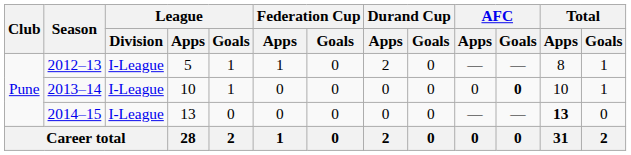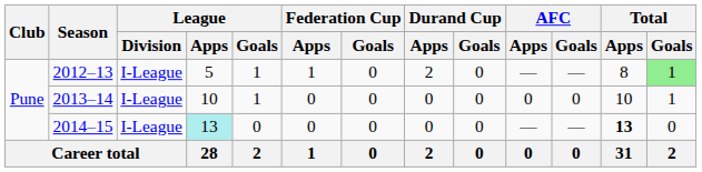 <table class="wikitable" style="text-align: center;">
 <tr>
 <th rowspan="2">Club</th>
 <th rowspan="2">Season</th>
 <th colspan="3">League</th>
 <th colspan="2">Federation Cup</th>
 <th colspan="2">Durand Cup</th>
 <th colspan="2"><a href='#'>AFC</a></th>
 <th colspan="2">Total</th>
 </tr>
 <tr>
 <th>Division</th>
 <th>Apps</th>
 <th>Goals</th>
 <th>Apps</th>
 <th>Goals</th>
 <th>Apps</th>
 <th>Goals</th>
 <th>Apps</th>
 <th>Goals</th>
 <th>Apps</th>
 <th>Goals</th>
 </tr>
 <tr>
 <td rowspan="3"><a href='#'>Pune</a></td>
 <td><a href='#'>2012–13</a></td>
 <td><a href='#'>I-League</a></td>
 <td>5</td>
 <td>1</td>
 <td>1</td>
 <td>0</td>
 <td>2</td>
 <td>0</td>
 <td>—</td>
 <td>—</td>
 <td>8</td>
-<td>1</td>
+<td style="background: lightgreen;">1</td>
 </tr>
 <tr>
 <td><a href='#'>2013–14</a></td>
 <td><a href='#'>I-League</a></td>
 <td>10</td>
 <td>1</td>
 <td>0</td>
 <td>0</td>
 <td>0</td>
 <td>0</td>
 <td>0</td>
-<td><strong>0</strong></td>
+<td>0</td>
 <td>10</td>
 <td>1</td>
 </tr>
 <tr>
 <td><a href='#'>2014–15</a></td>
 <td><a href='#'>I-League</a></td>
-<td>13</td>
+<td style="background: paleturquoise;">13</td>
 <td>0</td>
 <td>0</td>
 <td>0</td>
 <td>0</td>
 <td>0</td>
 <td>—</td>
 <td>—</td>
 <td><strong>13</strong></td>
 <td>0</td>
 </tr>
 <tr>
 <th colspan="3">Career total</th>
 <th>28</th>
 <th>2</th>
 <th>1</th>
 <th>0</th>
 <th>2</th>
 <th>0</th>
 <th>0</th>
 <th>0</th>
 <th>31</th>
 <th>2</th>
 </tr>
 </table>
